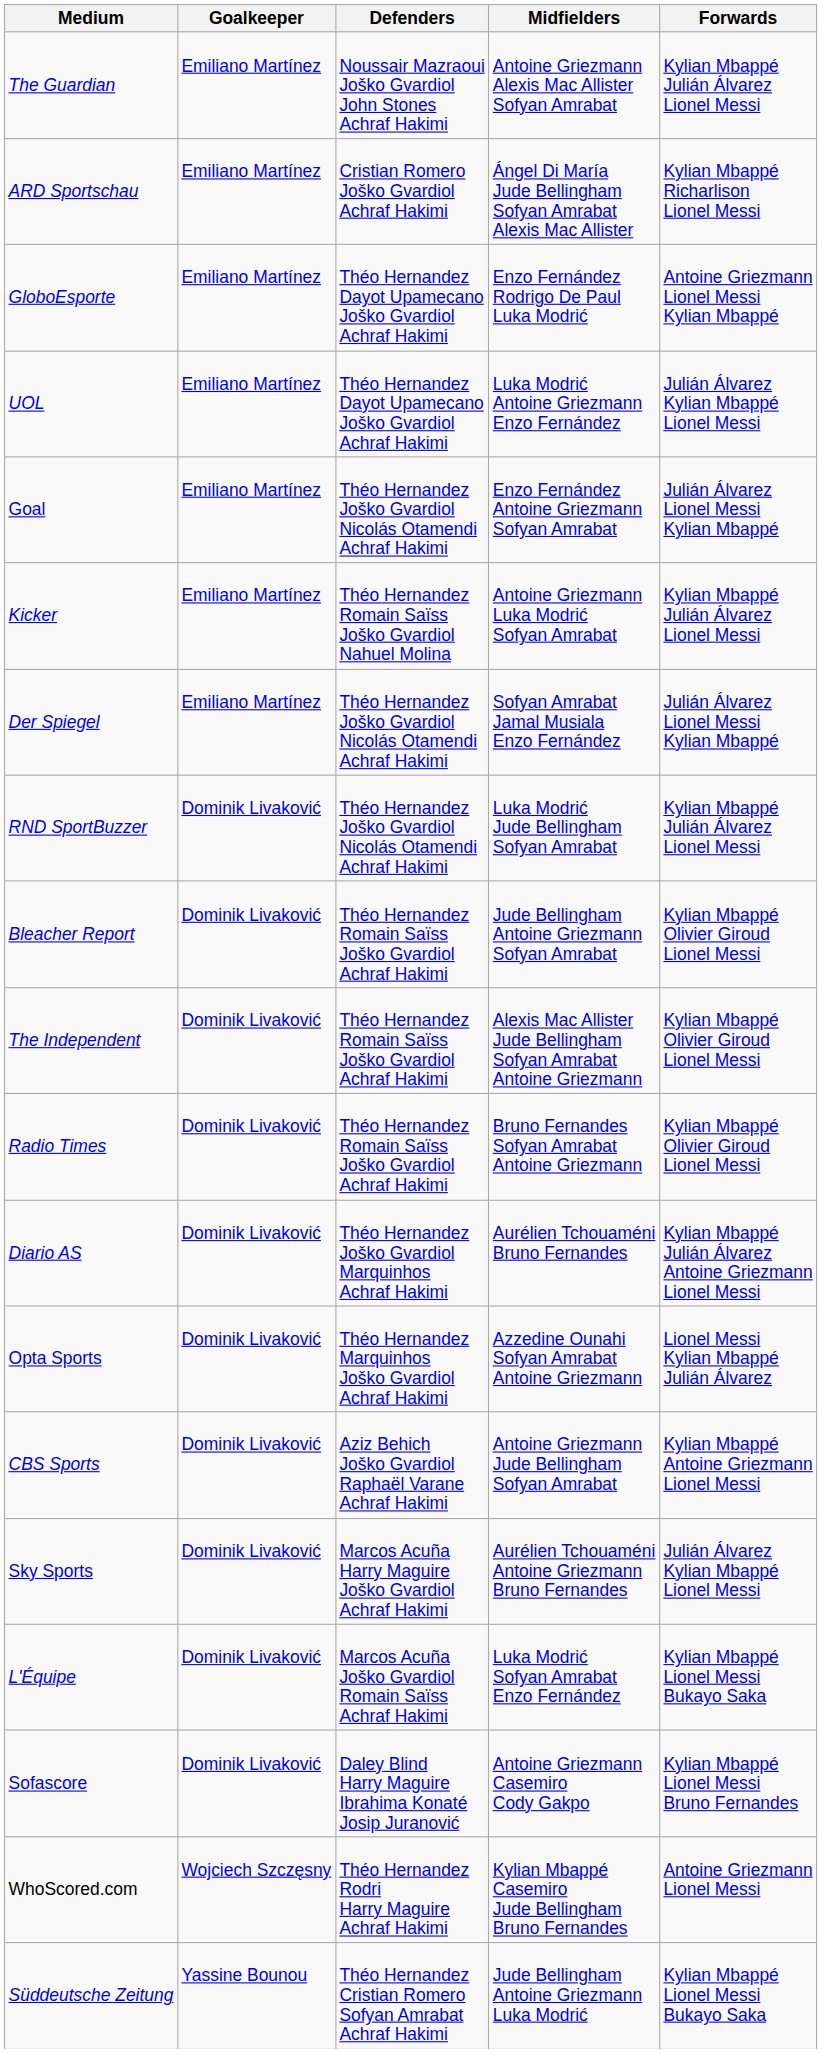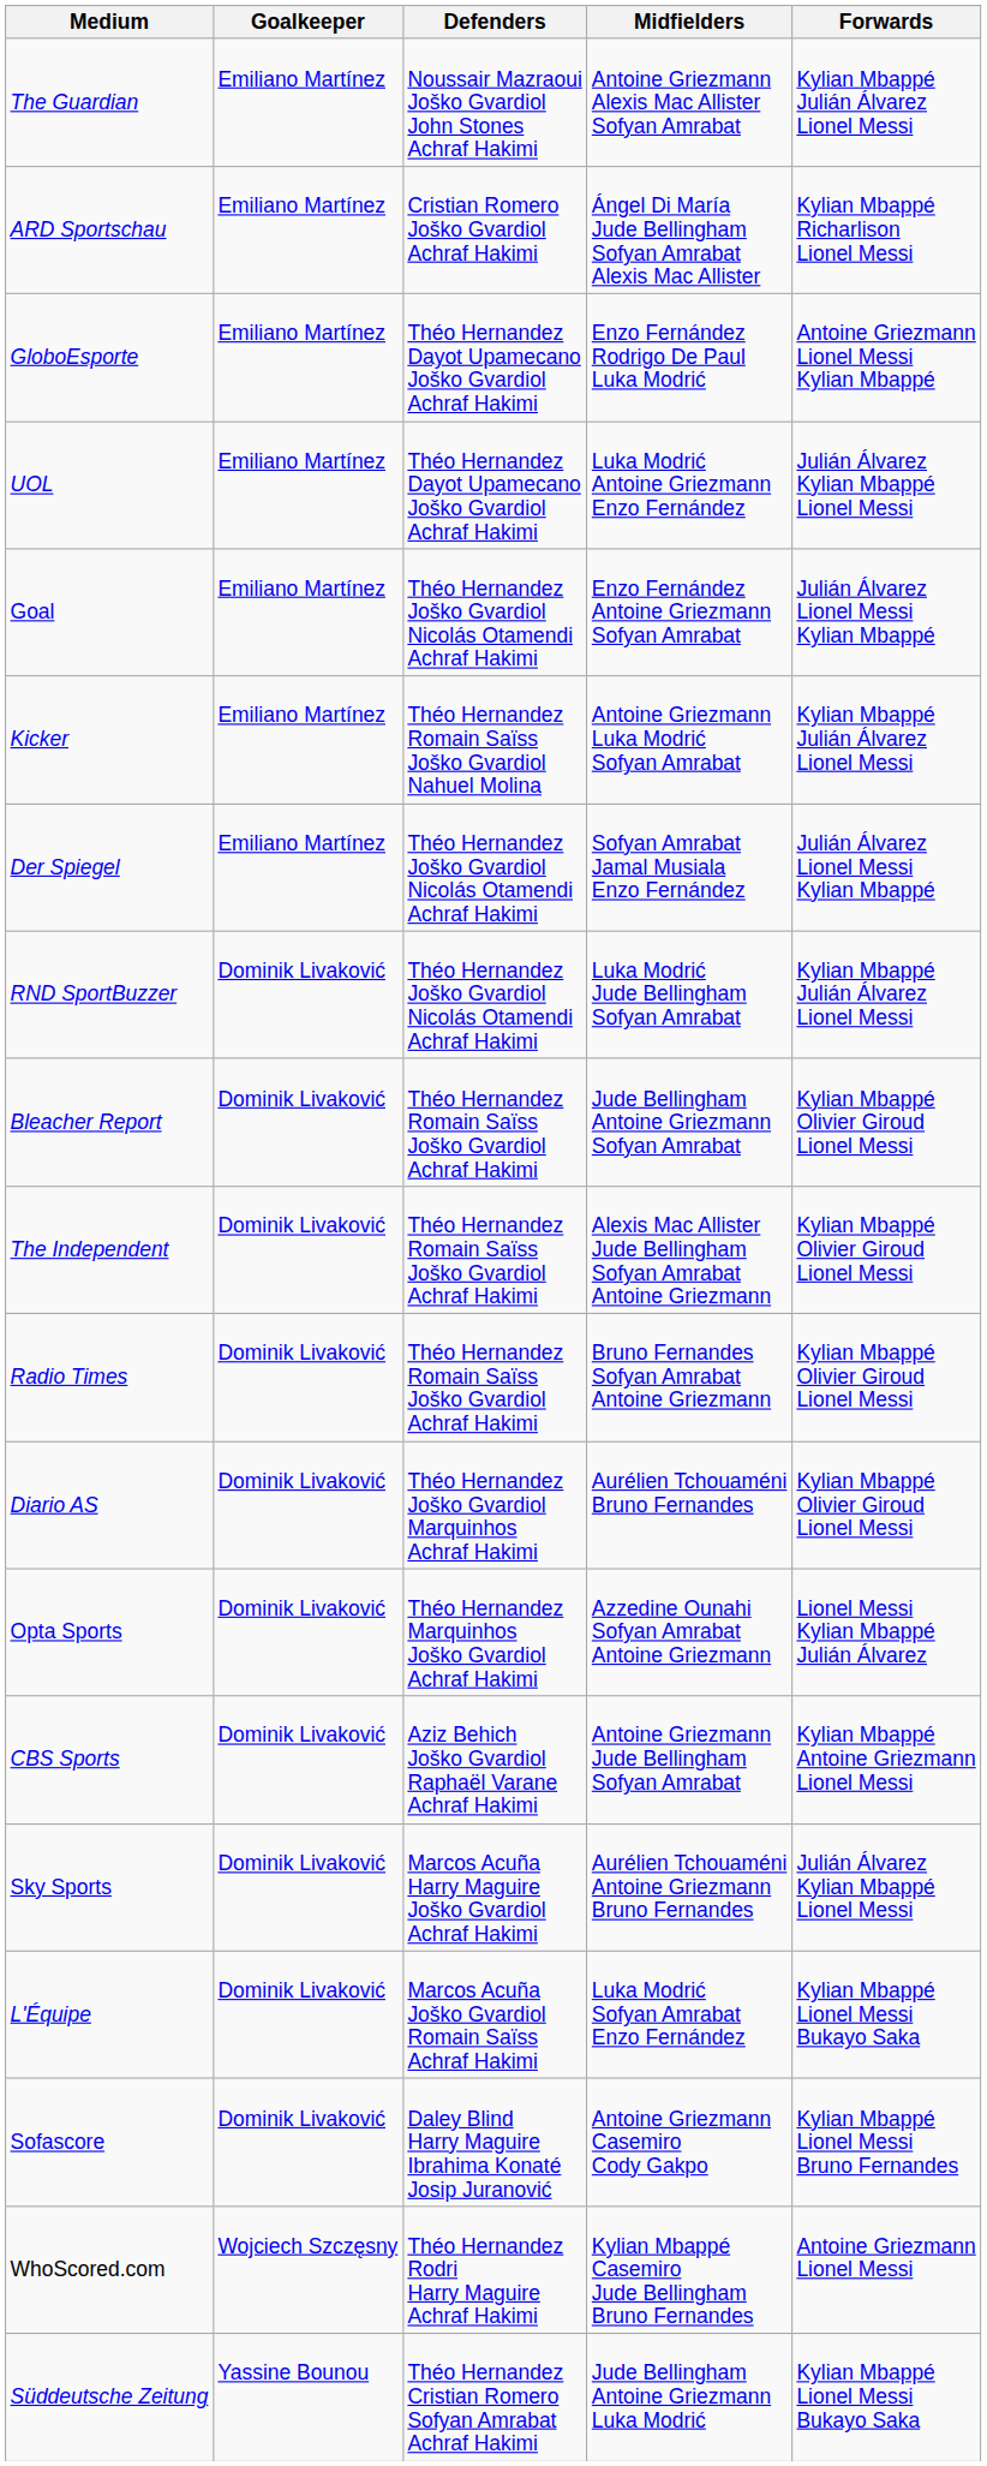 <table class="wikitable">
 <tr>
 <th>Medium</th>
 <th>Goalkeeper</th>
 <th>Defenders</th>
 <th>Midfielders</th>
 <th>Forwards</th>
 </tr>
 <tr>
 <td><em><a href='#'>The Guardian</a></em></td>
 <td valign="top"><br> <a href='#'>Emiliano Martínez</a></td>
 <td valign="top"><br> <a href='#'>Noussair Mazraoui</a><br>  <a href='#'>Joško Gvardiol</a><br>  <a href='#'>John Stones</a><br>  <a href='#'>Achraf Hakimi</a></td>
 <td valign="top"><br> <a href='#'>Antoine Griezmann</a><br>  <a href='#'>Alexis Mac Allister</a><br>  <a href='#'>Sofyan Amrabat</a></td>
 <td valign="top"><br> <a href='#'>Kylian Mbappé</a><br>  <a href='#'>Julián Álvarez</a><br>  <a href='#'>Lionel Messi</a></td>
 </tr>
 <tr>
 <td><em><a href='#'>ARD Sportschau</a></em></td>
 <td valign="top"><br> <a href='#'>Emiliano Martínez</a></td>
 <td valign="top"><br> <a href='#'>Cristian Romero</a><br>  <a href='#'>Joško Gvardiol</a><br>  <a href='#'>Achraf Hakimi</a><br></td>
 <td valign="top"><br> <a href='#'>Ángel Di María</a><br>  <a href='#'>Jude Bellingham</a><br>  <a href='#'>Sofyan Amrabat</a><br>  <a href='#'>Alexis Mac Allister</a></td>
 <td valign="top"><br> <a href='#'>Kylian Mbappé</a><br>  <a href='#'>Richarlison</a><br>  <a href='#'>Lionel Messi</a></td>
 </tr>
 <tr>
 <td><a href='#'><em>GloboEsporte</em></a></td>
 <td valign="top"><br> <a href='#'>Emiliano Martínez</a></td>
 <td valign="top"><br> <a href='#'>Théo Hernandez</a><br>  <a href='#'>Dayot Upamecano</a><br>  <a href='#'>Joško Gvardiol</a><br>  <a href='#'>Achraf Hakimi</a></td>
 <td valign="top"><br> <a href='#'>Enzo Fernández</a><br>  <a href='#'>Rodrigo De Paul</a><br>  <a href='#'>Luka Modrić</a></td>
 <td valign="top"><br> <a href='#'>Antoine Griezmann</a><br>  <a href='#'>Lionel Messi</a><br>  <a href='#'>Kylian Mbappé</a></td>
 </tr>
 <tr>
 <td><a href='#'><em>UOL</em></a></td>
 <td valign="top"><br> <a href='#'>Emiliano Martínez</a></td>
 <td valign="top"><br> <a href='#'>Théo Hernandez</a><br>  <a href='#'>Dayot Upamecano</a><br>  <a href='#'>Joško Gvardiol</a><br>  <a href='#'>Achraf Hakimi</a></td>
 <td valign="top"><br> <a href='#'>Luka Modrić</a><br>  <a href='#'>Antoine Griezmann</a><br>  <a href='#'>Enzo Fernández</a></td>
 <td valign="top"><br> <a href='#'>Julián Álvarez</a><br>  <a href='#'>Kylian Mbappé</a><br>  <a href='#'>Lionel Messi</a></td>
 </tr>
 <tr>
 <td><a href='#'>Goal</a></td>
 <td valign="top"><br> <a href='#'>Emiliano Martínez</a></td>
 <td valign="top"><br> <a href='#'>Théo Hernandez</a><br>  <a href='#'>Joško Gvardiol</a><br>  <a href='#'>Nicolás Otamendi</a><br>  <a href='#'>Achraf Hakimi</a></td>
 <td valign="top"><br> <a href='#'>Enzo Fernández</a><br>  <a href='#'>Antoine Griezmann</a><br>  <a href='#'>Sofyan Amrabat</a></td>
 <td valign="top"><br> <a href='#'>Julián Álvarez</a><br>  <a href='#'>Lionel Messi</a><br>  <a href='#'>Kylian Mbappé</a></td>
 </tr>
 <tr>
 <td><em><a href='#'>Kicker</a></em></td>
 <td valign="top"><br> <a href='#'>Emiliano Martínez</a></td>
 <td valign="top"><br> <a href='#'>Théo Hernandez</a><br>  <a href='#'>Romain Saïss</a><br>  <a href='#'>Joško Gvardiol</a><br>  <a href='#'>Nahuel Molina</a></td>
 <td valign="top"><br> <a href='#'>Antoine Griezmann</a><br>  <a href='#'>Luka Modrić</a><br>  <a href='#'>Sofyan Amrabat</a></td>
 <td valign="top"><br> <a href='#'>Kylian Mbappé</a><br>  <a href='#'>Julián Álvarez</a><br>  <a href='#'>Lionel Messi</a></td>
 </tr>
 <tr>
 <td><em><a href='#'>Der Spiegel</a></em></td>
 <td valign="top"><br> <a href='#'>Emiliano Martínez</a></td>
 <td valign="top"><br> <a href='#'>Théo Hernandez</a><br>  <a href='#'>Joško Gvardiol</a><br>  <a href='#'>Nicolás Otamendi</a><br>  <a href='#'>Achraf Hakimi</a></td>
 <td valign="top"><br> <a href='#'>Sofyan Amrabat</a><br>  <a href='#'>Jamal Musiala</a><br>  <a href='#'>Enzo Fernández</a></td>
 <td valign="top"><br> <a href='#'>Julián Álvarez</a><br>  <a href='#'>Lionel Messi</a><br>  <a href='#'>Kylian Mbappé</a></td>
 </tr>
 <tr>
 <td><em><a href='#'>RND SportBuzzer</a></em></td>
 <td valign="top"><br> <a href='#'>Dominik Livaković</a></td>
 <td valign="top"><br> <a href='#'>Théo Hernandez</a><br>  <a href='#'>Joško Gvardiol</a><br>  <a href='#'>Nicolás Otamendi</a><br>  <a href='#'>Achraf Hakimi</a></td>
 <td valign="top"><br> <a href='#'>Luka Modrić</a><br>  <a href='#'>Jude Bellingham</a><br>  <a href='#'>Sofyan Amrabat</a></td>
 <td valign="top"><br> <a href='#'>Kylian Mbappé</a><br>  <a href='#'>Julián Álvarez</a><br>  <a href='#'>Lionel Messi</a></td>
 </tr>
 <tr>
 <td><em><a href='#'>Bleacher Report</a></em></td>
 <td valign="top"><br> <a href='#'>Dominik Livaković</a></td>
 <td valign="top"><br> <a href='#'>Théo Hernandez</a><br>  <a href='#'>Romain Saïss</a><br>  <a href='#'>Joško Gvardiol</a><br>  <a href='#'>Achraf Hakimi</a></td>
 <td valign="top"><br> <a href='#'>Jude Bellingham</a><br>  <a href='#'>Antoine Griezmann</a><br>  <a href='#'>Sofyan Amrabat</a></td>
 <td valign="top"><br> <a href='#'>Kylian Mbappé</a><br>  <a href='#'>Olivier Giroud</a><br>  <a href='#'>Lionel Messi</a></td>
 </tr>
 <tr>
 <td><em><a href='#'>The Independent</a></em></td>
 <td valign="top"><br> <a href='#'>Dominik Livaković</a></td>
 <td valign="top"><br> <a href='#'>Théo Hernandez</a><br>  <a href='#'>Romain Saïss</a><br>  <a href='#'>Joško Gvardiol</a><br>  <a href='#'>Achraf Hakimi</a></td>
 <td valign="top"><br> <a href='#'>Alexis Mac Allister</a><br>  <a href='#'>Jude Bellingham</a><br>  <a href='#'>Sofyan Amrabat</a><br>  <a href='#'>Antoine Griezmann</a></td>
 <td valign="top"><br> <a href='#'>Kylian Mbappé</a><br>  <a href='#'>Olivier Giroud</a><br>  <a href='#'>Lionel Messi</a></td>
 </tr>
 <tr>
 <td><em><a href='#'>Radio Times</a></em></td>
 <td valign="top"><br> <a href='#'>Dominik Livaković</a></td>
 <td valign="top"><br> <a href='#'>Théo Hernandez</a><br>  <a href='#'>Romain Saïss</a><br>  <a href='#'>Joško Gvardiol</a><br>  <a href='#'>Achraf Hakimi</a></td>
 <td valign="top"><br> <a href='#'>Bruno Fernandes</a><br>  <a href='#'>Sofyan Amrabat</a><br>  <a href='#'>Antoine Griezmann</a></td>
 <td valign="top"><br> <a href='#'>Kylian Mbappé</a><br>  <a href='#'>Olivier Giroud</a><br>  <a href='#'>Lionel Messi</a></td>
 </tr>
 <tr>
 <td><em><a href='#'>Diario AS</a></em></td>
 <td valign="top"><br> <a href='#'>Dominik Livaković</a></td>
 <td valign="top"><br> <a href='#'>Théo Hernandez</a><br>  <a href='#'>Joško Gvardiol</a><br>  <a href='#'>Marquinhos</a><br>  <a href='#'>Achraf Hakimi</a></td>
 <td valign="top"><br> <a href='#'>Aurélien Tchouaméni</a><br>  <a href='#'>Bruno Fernandes</a></td>
-<td valign="top"><br> <a href='#'>Kylian Mbappé</a><br>  <a href='#'>Julián Álvarez</a><br>  <a href='#'>Antoine Griezmann</a><br>  <a href='#'>Lionel Messi</a></td>
+<td valign="top"><br> <a href='#'>Kylian Mbappé</a><br>  <a href='#'>Olivier Giroud</a><br>  <a href='#'>Lionel Messi</a></td>
 </tr>
 <tr>
 <td><a href='#'>Opta Sports</a></td>
 <td valign="top"><br> <a href='#'>Dominik Livaković</a></td>
 <td valign="top"><br> <a href='#'>Théo Hernandez</a><br>  <a href='#'>Marquinhos</a><br>  <a href='#'>Joško Gvardiol</a><br>  <a href='#'>Achraf Hakimi</a></td>
 <td valign="top"><br> <a href='#'>Azzedine Ounahi</a><br>  <a href='#'>Sofyan Amrabat</a><br>  <a href='#'>Antoine Griezmann</a></td>
 <td valign="top"><br> <a href='#'>Lionel Messi</a><br>  <a href='#'>Kylian Mbappé</a><br>  <a href='#'>Julián Álvarez</a></td>
 </tr>
 <tr>
 <td><em><a href='#'>CBS Sports</a></em></td>
 <td valign="top"><br> <a href='#'>Dominik Livaković</a></td>
 <td valign="top"><br> <a href='#'>Aziz Behich</a><br>  <a href='#'>Joško Gvardiol</a><br>  <a href='#'>Raphaël Varane</a><br>  <a href='#'>Achraf Hakimi</a></td>
 <td valign="top"><br> <a href='#'>Antoine Griezmann</a><br>  <a href='#'>Jude Bellingham</a><br>  <a href='#'>Sofyan Amrabat</a></td>
 <td valign="top"><br> <a href='#'>Kylian Mbappé</a><br>  <a href='#'>Antoine Griezmann</a><br>  <a href='#'>Lionel Messi</a></td>
 </tr>
 <tr>
 <td><a href='#'>Sky Sports</a></td>
 <td valign="top"><br> <a href='#'>Dominik Livaković</a></td>
 <td valign="top"><br> <a href='#'>Marcos Acuña</a><br>  <a href='#'>Harry Maguire</a><br>  <a href='#'>Joško Gvardiol</a><br>  <a href='#'>Achraf Hakimi</a></td>
 <td valign="top"><br> <a href='#'>Aurélien Tchouaméni</a><br>  <a href='#'>Antoine Griezmann</a><br>  <a href='#'>Bruno Fernandes</a></td>
 <td valign="top"><br> <a href='#'>Julián Álvarez</a><br>  <a href='#'>Kylian Mbappé</a><br>  <a href='#'>Lionel Messi</a></td>
 </tr>
 <tr>
 <td><em><a href='#'>L'Équipe</a></em></td>
 <td valign="top"><br> <a href='#'>Dominik Livaković</a></td>
 <td valign="top"><br> <a href='#'>Marcos Acuña</a><br>  <a href='#'>Joško Gvardiol</a><br>  <a href='#'>Romain Saïss</a><br>  <a href='#'>Achraf Hakimi</a></td>
 <td valign="top"><br> <a href='#'>Luka Modrić</a><br>  <a href='#'>Sofyan Amrabat</a><br>  <a href='#'>Enzo Fernández</a></td>
 <td valign="top"><br> <a href='#'>Kylian Mbappé</a><br>  <a href='#'>Lionel Messi</a><br>  <a href='#'>Bukayo Saka</a></td>
 </tr>
 <tr>
 <td><a href='#'>Sofascore</a></td>
 <td valign="top"><br> <a href='#'>Dominik Livaković</a></td>
 <td valign="top"><br> <a href='#'>Daley Blind</a><br>  <a href='#'>Harry Maguire</a><br>  <a href='#'>Ibrahima Konaté</a><br>  <a href='#'>Josip Juranović</a></td>
 <td valign="top"><br> <a href='#'>Antoine Griezmann</a><br>  <a href='#'>Casemiro</a><br>  <a href='#'>Cody Gakpo</a></td>
 <td valign="top"><br> <a href='#'>Kylian Mbappé</a><br>  <a href='#'>Lionel Messi</a><br>  <a href='#'>Bruno Fernandes</a></td>
 </tr>
 <tr>
 <td>WhoScored.com</td>
 <td valign="top"><br> <a href='#'>Wojciech Szczęsny</a></td>
 <td valign="top"><br> <a href='#'>Théo Hernandez</a><br>  <a href='#'>Rodri</a><br>  <a href='#'>Harry Maguire</a><br>  <a href='#'>Achraf Hakimi</a></td>
 <td valign="top"><br> <a href='#'>Kylian Mbappé</a><br>  <a href='#'>Casemiro</a><br>  <a href='#'>Jude Bellingham</a><br>  <a href='#'>Bruno Fernandes</a></td>
 <td valign="top"><br> <a href='#'>Antoine Griezmann</a><br>  <a href='#'>Lionel Messi</a></td>
 </tr>
 <tr>
 <td><em><a href='#'>Süddeutsche Zeitung</a></em></td>
 <td valign="top"><br> <a href='#'>Yassine Bounou</a></td>
 <td valign="top"><br> <a href='#'>Théo Hernandez</a><br>  <a href='#'>Cristian Romero</a><br>  <a href='#'>Sofyan Amrabat</a><br>  <a href='#'>Achraf Hakimi</a></td>
 <td valign="top"><br> <a href='#'>Jude Bellingham</a><br>  <a href='#'>Antoine Griezmann</a><br>  <a href='#'>Luka Modrić</a></td>
 <td valign="top"><br> <a href='#'>Kylian Mbappé</a><br>  <a href='#'>Lionel Messi</a><br>  <a href='#'>Bukayo Saka</a></td>
 </tr>
 </table>
